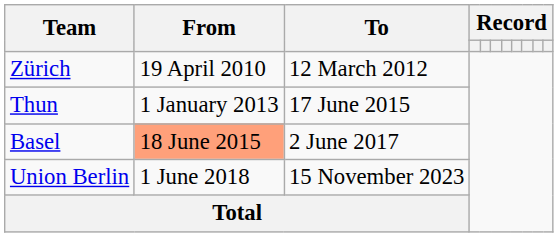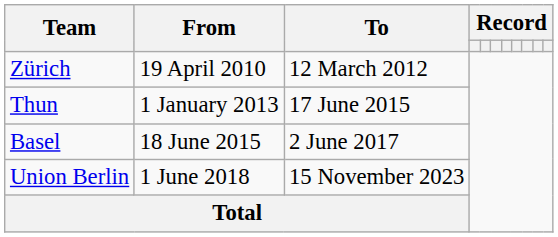 <table class=wikitable style="text-align: center">
 <tr>
 <th rowspan="2">Team</th>
 <th rowspan="2">From</th>
 <th rowspan="2">To</th>
 <th colspan="8">Record</th>
 </tr>
 <tr>
 <th></th>
 <th></th>
 <th></th>
 <th></th>
 <th></th>
 <th></th>
 <th></th>
 <th></th>
 </tr>
 <tr>
 <td align=left><a href='#'>Zürich</a></td>
 <td align=left>19 April 2010</td>
 <td align=left>12 March 2012<br></td>
 </tr>
 <tr>
 <td align=left><a href='#'>Thun</a></td>
 <td align=left>1 January 2013</td>
 <td align=left>17 June 2015<br></td>
 </tr>
 <tr>
 <td align=left><a href='#'>Basel</a></td>
-<td align=left style="background: lightsalmon;">18 June 2015</td>
+<td align=left>18 June 2015</td>
 <td align=left>2 June 2017<br></td>
 </tr>
 <tr>
 <td align=left><a href='#'>Union Berlin</a></td>
 <td align=left>1 June 2018</td>
 <td align=left>15 November 2023<br></td>
 </tr>
 <tr>
 <th colspan=3>Total<br></th>
 </tr>
 </table>
